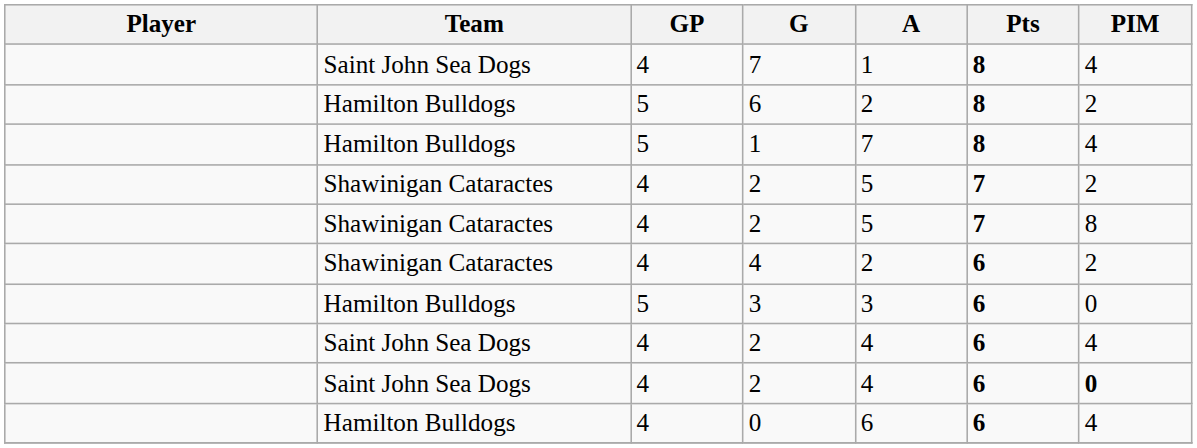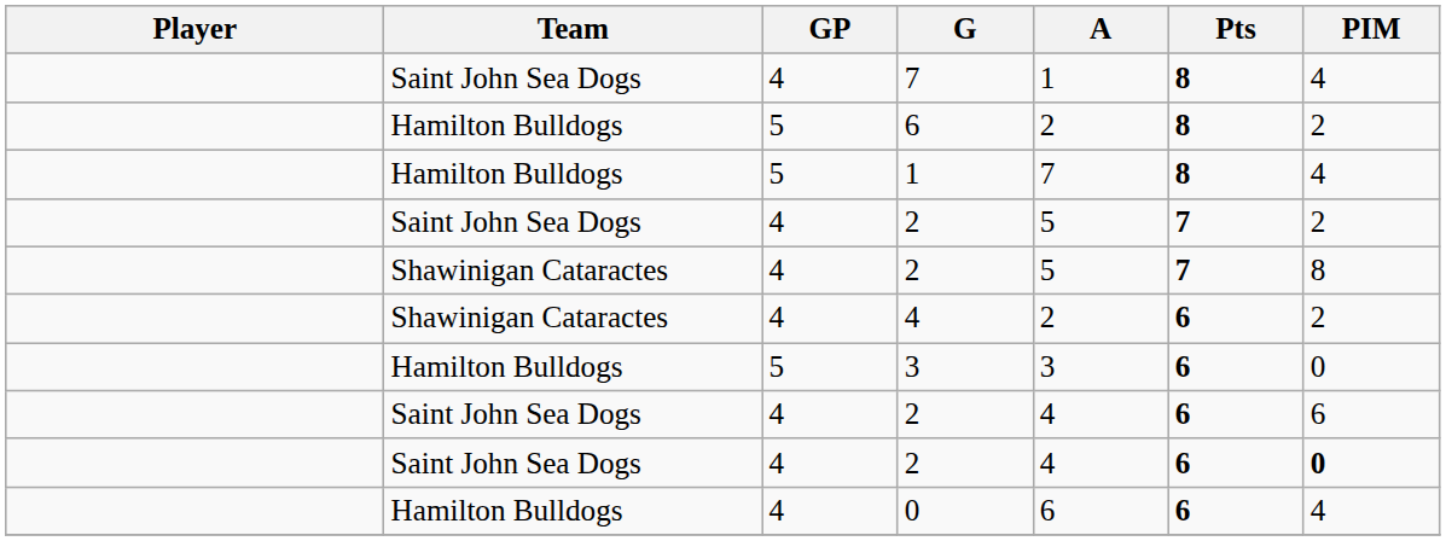 <table class="wikitable sortable">
 <tr>
 <th style="width:12em">Player</th>
 <th style="width:12em">Team</th>
 <th style="width:4em">GP</th>
 <th style="width:4em">G</th>
 <th style="width:4em">A</th>
 <th style="width:4em">Pts</th>
 <th style="width:4em">PIM</th>
 </tr>
 <tr>
 <td></td>
 <td align=left>Saint John Sea Dogs</td>
 <td>4</td>
 <td>7</td>
 <td>1</td>
 <td><strong>8</strong></td>
 <td>4</td>
 </tr>
 <tr>
 <td></td>
 <td align=left>Hamilton Bulldogs</td>
 <td>5</td>
 <td>6</td>
 <td>2</td>
 <td><strong>8</strong></td>
 <td>2</td>
 </tr>
 <tr>
 <td></td>
 <td align=left>Hamilton Bulldogs</td>
 <td>5</td>
 <td>1</td>
 <td>7</td>
 <td><strong>8</strong></td>
 <td>4</td>
 </tr>
 <tr>
 <td></td>
-<td align=left>Shawinigan Cataractes</td>
+<td align=left>Saint John Sea Dogs</td>
 <td>4</td>
 <td>2</td>
 <td>5</td>
 <td><strong>7</strong></td>
 <td>2</td>
 </tr>
 <tr>
 <td></td>
 <td align=left>Shawinigan Cataractes</td>
 <td>4</td>
 <td>2</td>
 <td>5</td>
 <td><strong>7</strong></td>
 <td>8</td>
 </tr>
 <tr>
 <td></td>
 <td align=left>Shawinigan Cataractes</td>
 <td>4</td>
 <td>4</td>
 <td>2</td>
 <td><strong>6</strong></td>
 <td>2</td>
 </tr>
 <tr>
 <td></td>
 <td align=left>Hamilton Bulldogs</td>
 <td>5</td>
 <td>3</td>
 <td>3</td>
 <td><strong>6</strong></td>
 <td>0</td>
 </tr>
 <tr>
 <td></td>
 <td align=left>Saint John Sea Dogs</td>
 <td>4</td>
 <td>2</td>
 <td>4</td>
 <td><strong>6</strong></td>
-<td>4</td>
+<td>6</td>
 </tr>
 <tr>
 <td></td>
 <td align=left>Saint John Sea Dogs</td>
 <td>4</td>
 <td>2</td>
 <td>4</td>
 <td><strong>6</strong></td>
 <td><strong>0</strong></td>
 </tr>
 <tr>
 <td></td>
 <td align=left>Hamilton Bulldogs</td>
 <td>4</td>
 <td>0</td>
 <td>6</td>
 <td><strong>6</strong></td>
 <td>4</td>
 </tr>
 <tr>
 </tr>
 </table>
